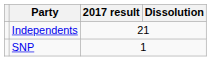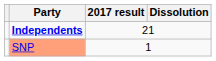 <table class="wikitable">
 <tr>
 <th></th>
 <th>Party</th>
 <th>2017 result</th>
 <th>Dissolution</th>
 </tr>
 <tr>
 <td style="background:"></td>
-<td><a href='#'>Independents</a></td>
+<td><strong><a href='#'>Independents</a></strong></td>
 <td align="center"; colspan=2>21</td>
 </tr>
 <tr>
 <td style="background:"></td>
-<td><a href='#'>SNP</a></td>
+<td style="background: lightsalmon;"><a href='#'>SNP</a></td>
 <td align="center"; colspan=2>1</td>
 </tr>
 </table>
